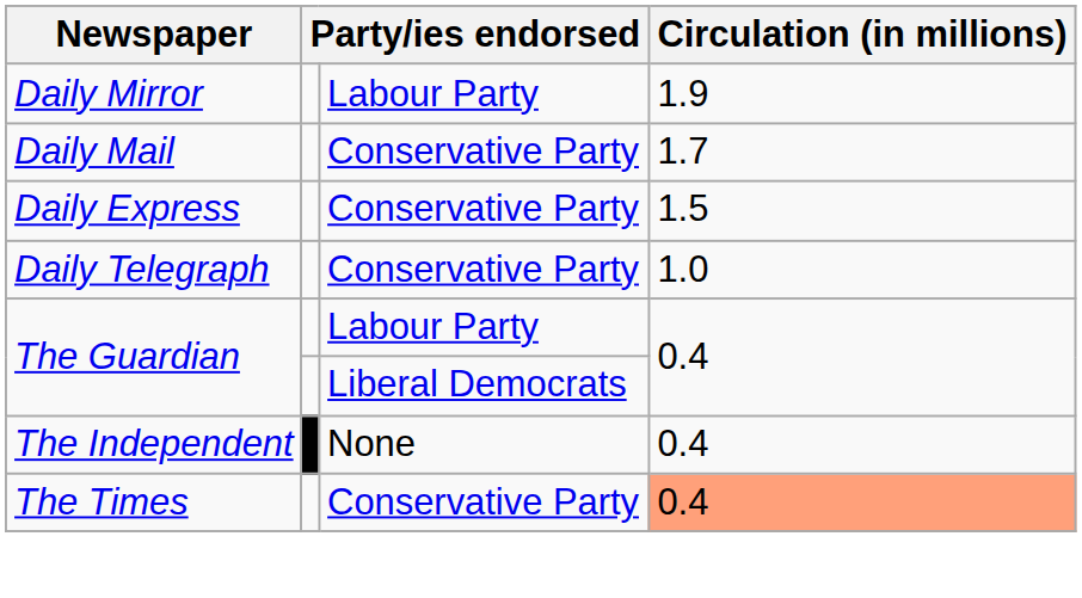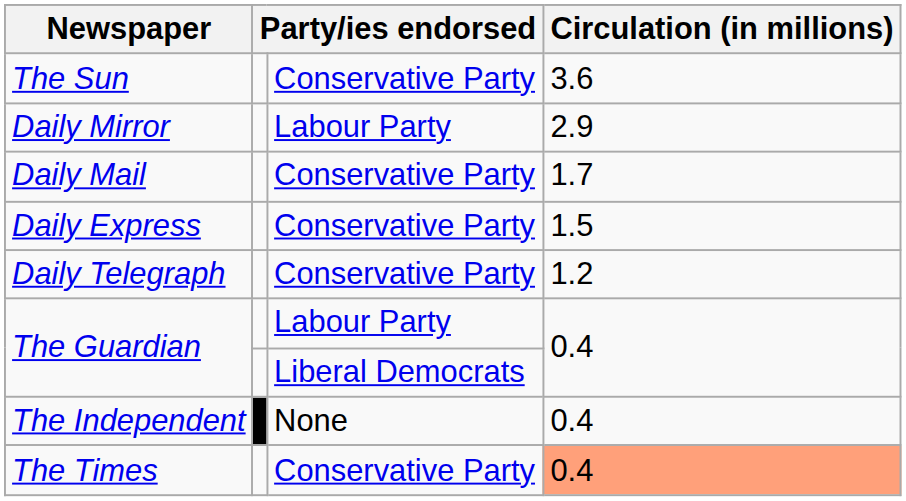 <table class="wikitable">
 <tr>
 <th>Newspaper</th>
 <th colspan=2>Party/ies endorsed</th>
 <th>Circulation (in millions)</th>
 </tr>
 <tr>
+<td><em><a href='#'>The Sun</a></em></td>
+<td style="background-color: "></td>
+<td><a href='#'>Conservative Party</a></td>
+<td>3.6</td>
+</tr>
+<tr>
 <td><em><a href='#'>Daily Mirror</a></em></td>
 <td style="background-color: "></td>
 <td><a href='#'>Labour Party</a></td>
-<td>1.9</td>
+<td>2.9</td>
 </tr>
 <tr>
 <td><em><a href='#'>Daily Mail</a></em></td>
 <td style="background-color: "></td>
 <td><a href='#'>Conservative Party</a></td>
 <td>1.7</td>
 </tr>
 <tr>
 <td><em><a href='#'>Daily Express</a></em></td>
 <td style="background-color: "></td>
 <td><a href='#'>Conservative Party</a></td>
 <td>1.5</td>
 </tr>
 <tr>
 <td><em><a href='#'>Daily Telegraph</a></em></td>
 <td style="background-color: "></td>
 <td><a href='#'>Conservative Party</a></td>
-<td>1.0</td>
+<td>1.2</td>
 </tr>
 <tr>
 <td rowspan="2"><em><a href='#'>The Guardian</a></em></td>
 <td style="background-color: "></td>
 <td><a href='#'>Labour Party</a></td>
 <td rowspan="2">0.4</td>
 </tr>
 <tr>
 <td style="background-color: "></td>
 <td><a href='#'>Liberal Democrats</a></td>
 </tr>
 <tr>
 <td><em><a href='#'>The Independent</a></em></td>
 <td style="background-color:black"></td>
 <td>None</td>
 <td>0.4</td>
 </tr>
 <tr>
 <td><em><a href='#'>The Times</a></em></td>
 <td style="background-color: "></td>
 <td><a href='#'>Conservative Party</a></td>
 <td style="background: lightsalmon;">0.4</td>
 </tr>
 </table>
